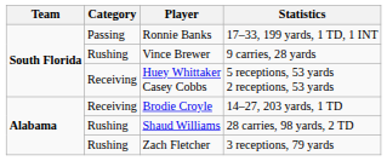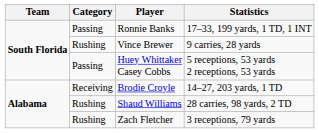 <table class="wikitable" style="float: right;">
 <tr>
 <th>Team</th>
 <th>Category</th>
 <th>Player</th>
 <th>Statistics</th>
 </tr>
 <tr>
 <td rowspan=3><strong>South Florida</strong></td>
 <td>Passing</td>
 <td>Ronnie Banks</td>
 <td>17–33, 199 yards, 1 TD, 1 INT</td>
 </tr>
 <tr>
 <td>Rushing</td>
 <td>Vince Brewer</td>
 <td>9 carries, 28 yards</td>
 </tr>
 <tr>
-<td>Receiving</td>
+<td>Passing</td>
 <td><a href='#'>Huey Whittaker</a><br>Casey Cobbs</td>
 <td>5 receptions, 53 yards<br>2 receptions, 53 yards</td>
 </tr>
 <tr>
 <td rowspan=3><strong>Alabama</strong></td>
 <td>Receiving</td>
 <td><a href='#'>Brodie Croyle</a></td>
 <td>14–27, 203 yards, 1 TD</td>
 </tr>
 <tr>
 <td>Rushing</td>
 <td><a href='#'>Shaud Williams</a></td>
 <td>28 carries, 98 yards, 2 TD</td>
 </tr>
 <tr>
 <td>Rushing</td>
 <td>Zach Fletcher</td>
 <td>3 receptions, 79 yards</td>
 </tr>
 </table>
